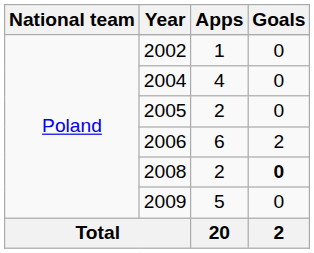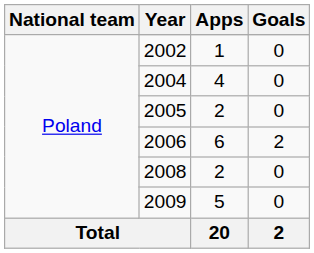 <table class="wikitable" style="text-align: center;">
 <tr>
 <th>National team</th>
 <th>Year</th>
 <th>Apps</th>
 <th>Goals</th>
 </tr>
 <tr>
 <td rowspan="7"><a href='#'>Poland</a></td>
 </tr>
 <tr>
 <td>2002</td>
 <td>1</td>
 <td>0</td>
 </tr>
 <tr>
 <td>2004</td>
 <td>4</td>
 <td>0</td>
 </tr>
 <tr>
 <td>2005</td>
 <td>2</td>
 <td>0</td>
 </tr>
 <tr>
 <td>2006</td>
 <td>6</td>
 <td>2</td>
 </tr>
 <tr>
 <td>2008</td>
 <td>2</td>
-<td><strong>0</strong></td>
+<td>0</td>
 </tr>
 <tr>
 <td>2009</td>
 <td>5</td>
 <td>0</td>
 </tr>
 <tr>
 <th colspan="2">Total</th>
 <th>20</th>
 <th>2</th>
 </tr>
 </table>
